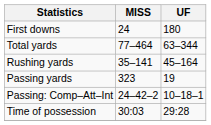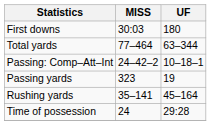 <table class="wikitable" style="float: left;">
 <tr>
 <th>Statistics</th>
 <th>MISS</th>
 <th>UF</th>
 </tr>
 <tr>
 <td>First downs</td>
-<td>24</td>
+<td>30:03</td>
 <td>180</td>
 </tr>
 <tr>
 <td>Total yards</td>
 <td>77–464</td>
 <td>63–344</td>
 </tr>
 <tr>
-<td>Rushing yards</td>
-<td>35–141</td>
-<td>45–164</td>
+<td>Passing: Comp–Att–Int</td>
+<td>24–42–2</td>
+<td>10–18–1</td>
 </tr>
 <tr>
 <td>Passing yards</td>
 <td>323</td>
 <td>19</td>
 </tr>
 <tr>
-<td>Passing: Comp–Att–Int</td>
-<td>24–42–2</td>
-<td>10–18–1</td>
+<td>Rushing yards</td>
+<td>35–141</td>
+<td>45–164</td>
 </tr>
 <tr>
 <td>Time of possession</td>
-<td>30:03</td>
+<td>24</td>
 <td>29:28</td>
 </tr>
 <tr>
 </tr>
 </table>
